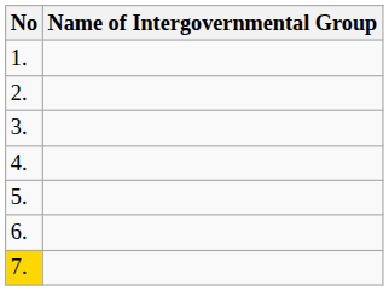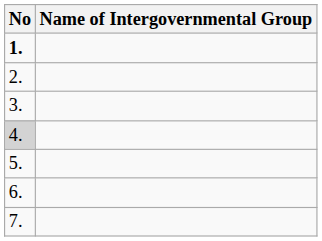 <table class="wikitable">
 <tr>
 <th>No</th>
 <th>Name of Intergovernmental Group</th>
 </tr>
 <tr>
-<td>1.</td>
+<td><strong>1.</strong></td>
 <td></td>
 </tr>
 <tr>
 <td>2.</td>
 <td></td>
 </tr>
 <tr>
 <td>3.</td>
 <td></td>
 </tr>
 <tr>
-<td>4.</td>
+<td style="background: lightgrey;">4.</td>
 <td></td>
 </tr>
 <tr>
 <td>5.</td>
 <td></td>
 </tr>
 <tr>
 <td>6.</td>
 <td></td>
 </tr>
 <tr>
-<td style="background: gold;">7.</td>
+<td>7.</td>
 <td></td>
 </tr>
 </table>
